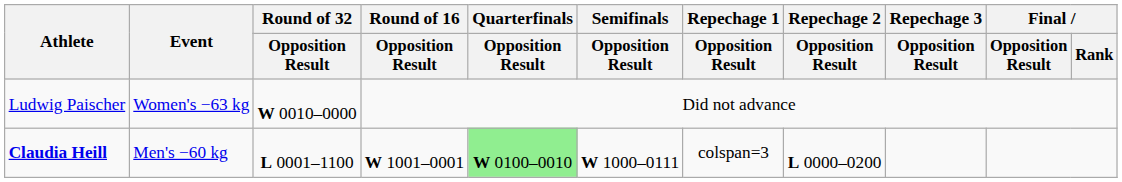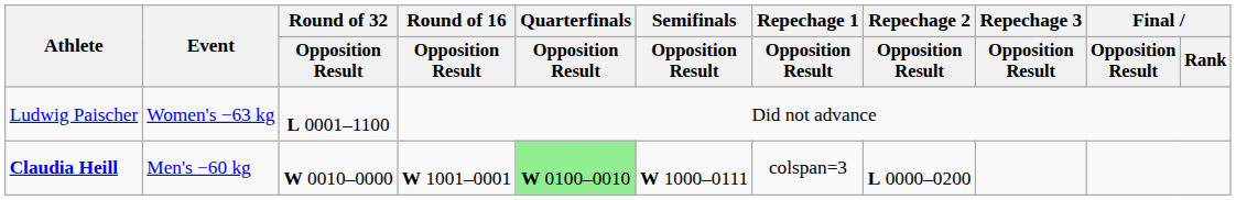 <table class="wikitable" style="font-size:90%">
 <tr>
 <th rowspan="2">Athlete</th>
 <th rowspan="2">Event</th>
 <th>Round of 32</th>
 <th>Round of 16</th>
 <th>Quarterfinals</th>
 <th>Semifinals</th>
 <th>Repechage 1</th>
 <th>Repechage 2</th>
 <th>Repechage 3</th>
 <th colspan=2>Final / </th>
 </tr>
 <tr style="font-size:95%">
 <th>Opposition<br>Result</th>
 <th>Opposition<br>Result</th>
 <th>Opposition<br>Result</th>
 <th>Opposition<br>Result</th>
 <th>Opposition<br>Result</th>
 <th>Opposition<br>Result</th>
 <th>Opposition<br>Result</th>
 <th>Opposition<br>Result</th>
 <th>Rank</th>
 </tr>
 <tr align=center>
 <td align=left><a href='#'>Ludwig Paischer</a></td>
 <td align=left><a href='#'>Women's −63 kg</a></td>
-<td><br><strong>W</strong> 0010–0000</td>
+<td><br><strong>L</strong> 0001–1100</td>
 <td colspan=8>Did not advance</td>
 </tr>
 <tr align=center>
 <td align=left><strong><a href='#'>Claudia Heill</a></strong></td>
 <td align=left><a href='#'>Men's −60 kg</a></td>
-<td><br><strong>L</strong> 0001–1100</td>
+<td><br><strong>W</strong> 0010–0000</td>
 <td><br><strong>W</strong> 1001–0001</td>
 <td style="background: lightgreen;"><br><strong>W</strong> 0100–0010</td>
 <td><br><strong>W</strong> 1000–0111</td>
 <td>colspan=3 </td>
 <td><br><strong>L</strong> 0000–0200</td>
 <td></td>
 </tr>
 </table>
